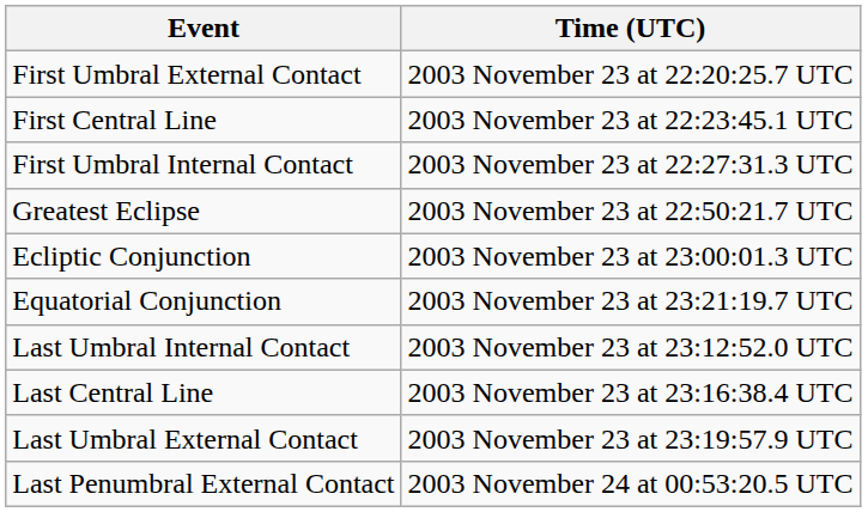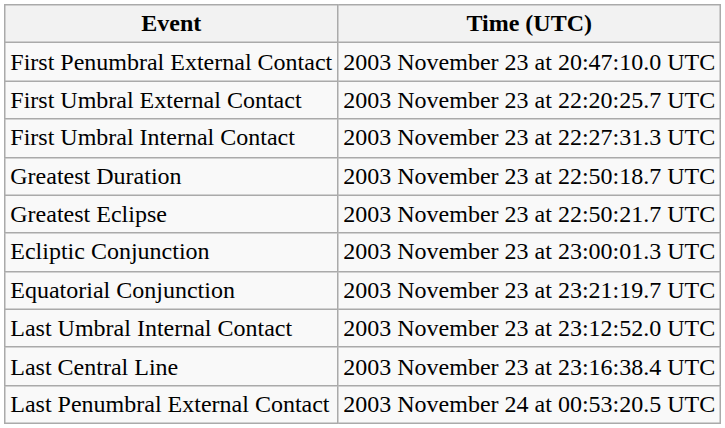 <table class="wikitable">
 <tr>
 <th>Event</th>
 <th>Time (UTC)</th>
 </tr>
 <tr>
+<td>First Penumbral External Contact</td>
+<td>2003 November 23 at 20:47:10.0 UTC</td>
+</tr>
+<tr>
 <td>First Umbral External Contact</td>
 <td>2003 November 23 at 22:20:25.7 UTC</td>
 </tr>
 <tr>
-<td>First Central Line</td>
-<td>2003 November 23 at 22:23:45.1 UTC</td>
+<td>First Umbral Internal Contact</td>
+<td>2003 November 23 at 22:27:31.3 UTC</td>
 </tr>
 <tr>
-<td>First Umbral Internal Contact</td>
-<td>2003 November 23 at 22:27:31.3 UTC</td>
+<td>Greatest Duration</td>
+<td>2003 November 23 at 22:50:18.7 UTC</td>
 </tr>
 <tr>
 <td>Greatest Eclipse</td>
 <td>2003 November 23 at 22:50:21.7 UTC</td>
 </tr>
 <tr>
 <td>Ecliptic Conjunction</td>
 <td>2003 November 23 at 23:00:01.3 UTC</td>
 </tr>
 <tr>
 <td>Equatorial Conjunction</td>
 <td>2003 November 23 at 23:21:19.7 UTC</td>
 </tr>
 <tr>
 <td>Last Umbral Internal Contact</td>
 <td>2003 November 23 at 23:12:52.0 UTC</td>
 </tr>
 <tr>
 <td>Last Central Line</td>
 <td>2003 November 23 at 23:16:38.4 UTC</td>
 </tr>
 <tr>
-<td>Last Umbral External Contact</td>
-<td>2003 November 23 at 23:19:57.9 UTC</td>
-</tr>
-<tr>
 <td>Last Penumbral External Contact</td>
 <td>2003 November 24 at 00:53:20.5 UTC</td>
 </tr>
 </table>
